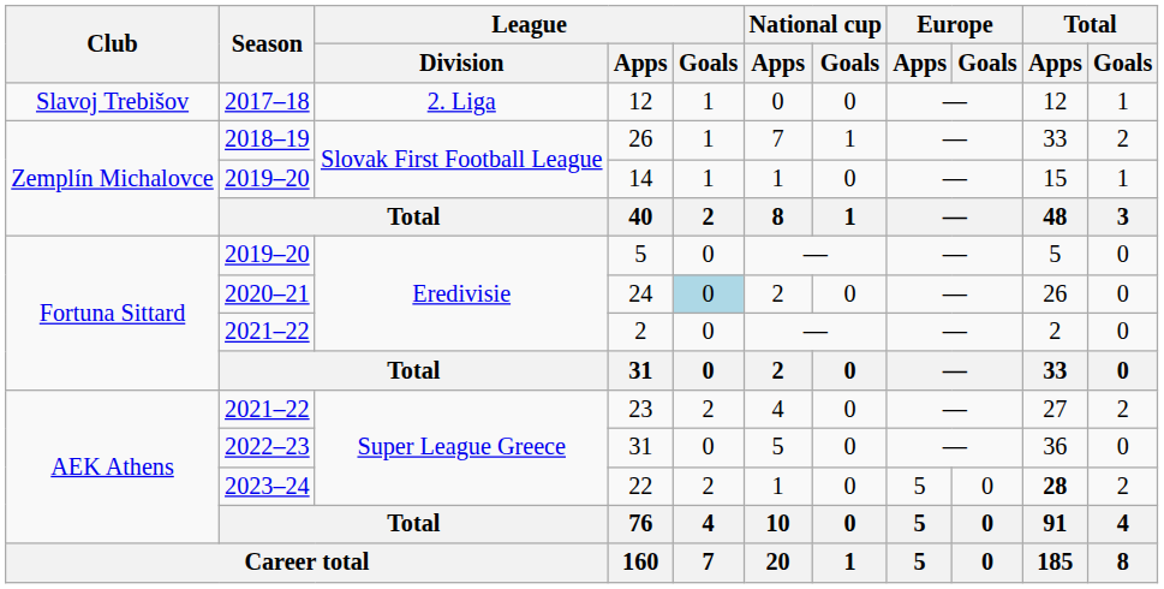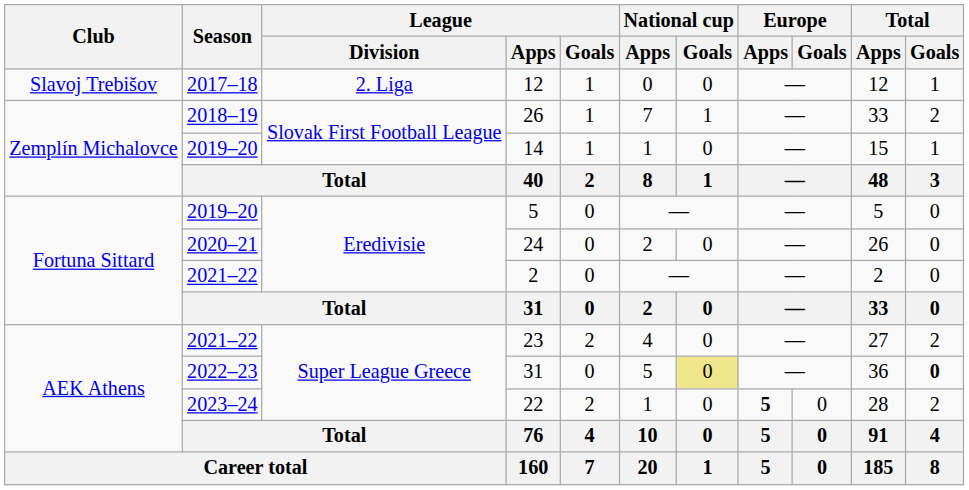 <table class="wikitable" style="text-align: center">
 <tr>
 <th rowspan="2">Club</th>
 <th rowspan="2">Season</th>
 <th colspan="3">League</th>
 <th colspan="2">National cup</th>
 <th colspan="2">Europe</th>
 <th colspan="2">Total</th>
 </tr>
 <tr>
 <th>Division</th>
 <th>Apps</th>
 <th>Goals</th>
 <th>Apps</th>
 <th>Goals</th>
 <th>Apps</th>
 <th>Goals</th>
 <th>Apps</th>
 <th>Goals</th>
 </tr>
 <tr>
 <td><a href='#'>Slavoj Trebišov</a></td>
 <td><a href='#'>2017–18</a></td>
 <td><a href='#'>2. Liga</a></td>
 <td>12</td>
 <td>1</td>
 <td>0</td>
 <td>0</td>
 <td colspan="2">—</td>
 <td>12</td>
 <td>1</td>
 </tr>
 <tr>
 <td rowspan="3"><a href='#'>Zemplín Michalovce</a></td>
 <td><a href='#'>2018–19</a></td>
 <td rowspan="2"><a href='#'>Slovak First Football League</a></td>
 <td>26</td>
 <td>1</td>
 <td>7</td>
 <td>1</td>
 <td colspan="2">—</td>
 <td>33</td>
 <td>2</td>
 </tr>
 <tr>
 <td><a href='#'>2019–20</a></td>
 <td>14</td>
 <td>1</td>
 <td>1</td>
 <td>0</td>
 <td colspan="2">—</td>
 <td>15</td>
 <td>1</td>
 </tr>
 <tr>
 <th colspan="2">Total</th>
 <th>40</th>
 <th>2</th>
 <th>8</th>
 <th>1</th>
 <th colspan="2">—</th>
 <th>48</th>
 <th>3</th>
 </tr>
 <tr>
 <td rowspan="4"><a href='#'>Fortuna Sittard</a></td>
 <td><a href='#'>2019–20</a></td>
 <td rowspan="3"><a href='#'>Eredivisie</a></td>
 <td>5</td>
 <td>0</td>
 <td colspan="2">—</td>
 <td colspan="2">—</td>
 <td>5</td>
 <td>0</td>
 </tr>
 <tr>
 <td><a href='#'>2020–21</a></td>
 <td>24</td>
-<td style="background: lightblue;">0</td>
+<td>0</td>
 <td>2</td>
 <td>0</td>
 <td colspan="2">—</td>
 <td>26</td>
 <td>0</td>
 </tr>
 <tr>
 <td><a href='#'>2021–22</a></td>
 <td>2</td>
 <td>0</td>
 <td colspan="2">—</td>
 <td colspan="2">—</td>
 <td>2</td>
 <td>0</td>
 </tr>
 <tr>
 <th colspan="2">Total</th>
 <th>31</th>
 <th>0</th>
 <th>2</th>
 <th>0</th>
 <th colspan="2">—</th>
 <th>33</th>
 <th>0</th>
 </tr>
 <tr>
 <td rowspan="4"><a href='#'>AEK Athens</a></td>
 <td><a href='#'>2021–22</a></td>
 <td rowspan="3"><a href='#'>Super League Greece</a></td>
 <td>23</td>
 <td>2</td>
 <td>4</td>
 <td>0</td>
 <td colspan="2">—</td>
 <td>27</td>
 <td>2</td>
 </tr>
 <tr>
 <td><a href='#'>2022–23</a></td>
 <td>31</td>
 <td>0</td>
 <td>5</td>
-<td>0</td>
+<td style="background: khaki;">0</td>
 <td colspan="2">—</td>
 <td>36</td>
-<td>0</td>
+<td><strong>0</strong></td>
 </tr>
 <tr>
 <td><a href='#'>2023–24</a></td>
 <td>22</td>
 <td>2</td>
 <td>1</td>
 <td>0</td>
-<td>5</td>
+<td><strong>5</strong></td>
 <td>0</td>
-<td><strong>28</strong></td>
+<td>28</td>
 <td>2</td>
 </tr>
 <tr>
 <th colspan="2">Total</th>
 <th>76</th>
 <th>4</th>
 <th>10</th>
 <th>0</th>
 <th>5</th>
 <th>0</th>
 <th>91</th>
 <th>4</th>
 </tr>
 <tr>
 <th colspan="3">Career total</th>
 <th>160</th>
 <th>7</th>
 <th>20</th>
 <th>1</th>
 <th>5</th>
 <th>0</th>
 <th>185</th>
 <th>8</th>
 </tr>
 </table>
